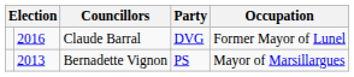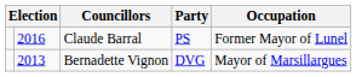 <table class="wikitable">
 <tr>
 <th colspan="2">Election</th>
 <th>Councillors</th>
 <th>Party</th>
 <th>Occupation</th>
 </tr>
 <tr>
 <td style="background-color: "></td>
 <td><a href='#'>2016</a></td>
 <td>Claude Barral</td>
-<td><a href='#'>DVG</a></td>
+<td><a href='#'>PS</a></td>
 <td>Former Mayor of <a href='#'>Lunel</a></td>
 </tr>
 <tr>
 <td style="background-color: "></td>
 <td><a href='#'>2013</a></td>
 <td>Bernadette Vignon</td>
-<td><a href='#'>PS</a></td>
+<td><a href='#'>DVG</a></td>
 <td>Mayor of <a href='#'>Marsillargues</a></td>
 </tr>
 </table>
